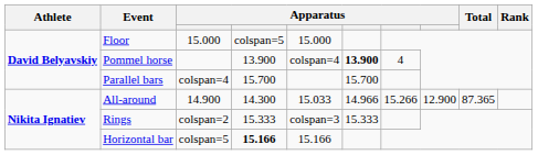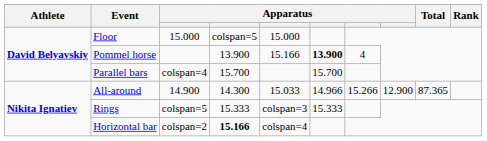 <table class="wikitable" style="text-align:center; font-size:90%">
 <tr>
 <th rowspan=2>Athlete</th>
 <th rowspan=2>Event</th>
 <th colspan=6>Apparatus</th>
 <th rowspan=2>Total</th>
 <th rowspan=2>Rank</th>
 </tr>
 <tr style="font-size:95%">
 <th></th>
 <th></th>
 <th></th>
 <th></th>
 <th></th>
 <th></th>
 </tr>
 <tr>
 <td style="text-align:left;" rowspan=3><strong><a href='#'>David Belyavskiy</a></strong></td>
 <td align=left><a href='#'>Floor</a></td>
 <td>15.000</td>
 <td>colspan=5 </td>
 <td>15.000</td>
 <td></td>
 </tr>
 <tr>
 <td align=left><a href='#'>Pommel horse</a></td>
 <td></td>
 <td>13.900</td>
-<td>colspan=4 </td>
+<td>15.166</td>
 <td><strong>13.900</strong></td>
 <td>4</td>
 </tr>
 <tr>
 <td align=left><a href='#'>Parallel bars</a></td>
 <td>colspan=4 </td>
 <td>15.700</td>
 <td></td>
 <td>15.700</td>
 <td></td>
 </tr>
 <tr>
 <td style="text-align:left;" rowspan=3><strong><a href='#'>Nikita Ignatiev</a></strong></td>
 <td align=left><a href='#'>All-around</a></td>
 <td>14.900</td>
 <td>14.300</td>
 <td>15.033</td>
 <td>14.966</td>
 <td>15.266</td>
 <td>12.900</td>
 <td>87.365</td>
 <td></td>
 </tr>
 <tr>
 <td align=left><a href='#'>Rings</a></td>
-<td>colspan=2 </td>
+<td>colspan=5 </td>
 <td>15.333</td>
 <td>colspan=3 </td>
 <td>15.333</td>
 <td></td>
 </tr>
 <tr>
 <td align=left><a href='#'>Horizontal bar</a></td>
-<td>colspan=5 </td>
+<td>colspan=2 </td>
 <td><strong>15.166</strong></td>
-<td>15.166</td>
+<td>colspan=4 </td>
 <td></td>
 </tr>
 </table>
